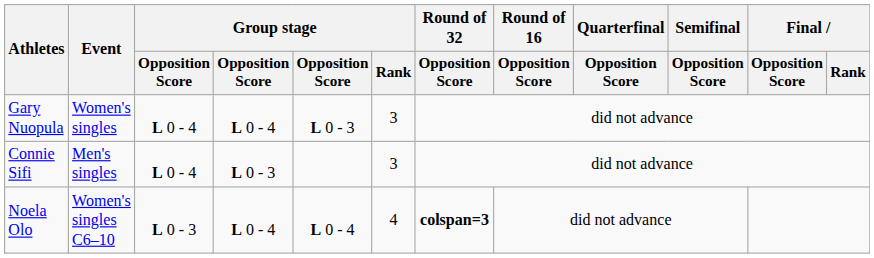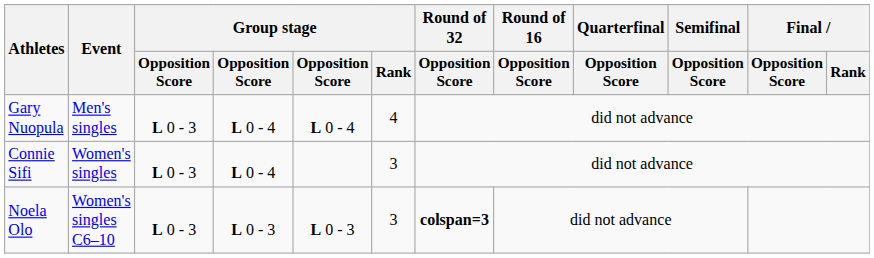 <table class=wikitable style=font-size:88%;text-align:center>
 <tr>
 <th rowspan=2>Athletes</th>
 <th rowspan=2>Event</th>
 <th colspan=4>Group stage</th>
 <th>Round of 32</th>
 <th>Round of 16</th>
 <th>Quarterfinal</th>
 <th>Semifinal</th>
 <th colspan=2>Final / </th>
 </tr>
 <tr style=font-size:95%>
 <th>Opposition<br>Score</th>
 <th>Opposition<br>Score</th>
 <th>Opposition<br>Score</th>
 <th>Rank</th>
 <th>Opposition<br>Score</th>
 <th>Opposition<br>Score</th>
 <th>Opposition<br>Score</th>
 <th>Opposition<br>Score</th>
 <th>Opposition<br>Score</th>
 <th>Rank</th>
 </tr>
 <tr>
 <td align=left><a href='#'>Gary Nuopula</a></td>
-<td align=left><a href='#'>Women's singles</a></td>
+<td align=left><a href='#'>Men's singles</a></td>
+<td><br><strong>L</strong> 0 - 3</td>
 <td><br><strong>L</strong> 0 - 4</td>
 <td><br><strong>L</strong> 0 - 4</td>
-<td><br><strong>L</strong> 0 - 3</td>
-<td>3</td>
+<td>4</td>
 <td colspan=6>did not advance</td>
 </tr>
 <tr>
 <td align=left><a href='#'>Connie Sifi</a></td>
-<td align=left><a href='#'>Men's singles</a></td>
+<td align=left><a href='#'>Women's singles</a></td>
+<td><br><strong>L</strong> 0 - 3</td>
 <td><br><strong>L</strong> 0 - 4</td>
-<td><br><strong>L</strong> 0 - 3</td>
 <td></td>
 <td>3</td>
 <td colspan=6>did not advance</td>
 </tr>
 <tr>
 <td align=left><a href='#'>Noela Olo</a></td>
 <td align=left><a href='#'>Women's singles C6–10</a></td>
 <td><br><strong>L</strong> 0 - 3</td>
-<td><br><strong>L</strong> 0 - 4</td>
-<td><br><strong>L</strong> 0 - 4</td>
-<td>4</td>
+<td><br><strong>L</strong> 0 - 3</td>
+<td><br><strong>L</strong> 0 - 3</td>
+<td>3</td>
 <td><strong>colspan=3 </strong></td>
 <td colspan=3>did not advance</td>
 </tr>
 </table>
